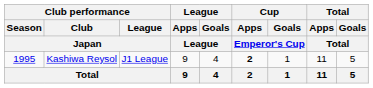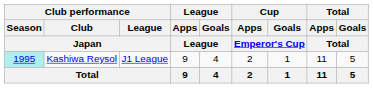 <table class="wikitable" style="text-align:center;">
 <tr>
 <th colspan=3>Club performance</th>
 <th colspan=2>League</th>
 <th colspan=2>Cup</th>
 <th colspan=2>Total</th>
 </tr>
 <tr>
 <th>Season</th>
 <th>Club</th>
 <th>League</th>
 <th>Apps</th>
 <th>Goals</th>
 <th>Apps</th>
 <th>Goals</th>
 <th>Apps</th>
 <th>Goals</th>
 </tr>
 <tr>
 <th colspan=3>Japan</th>
 <th colspan=2>League</th>
 <th colspan=2><a href='#'>Emperor's Cup</a></th>
 <th colspan=2>Total</th>
 </tr>
 <tr>
-<td><a href='#'>1995</a></td>
+<td style="background: paleturquoise;"><a href='#'>1995</a></td>
 <td><a href='#'>Kashiwa Reysol</a></td>
 <td><a href='#'>J1 League</a></td>
 <td>9</td>
 <td>4</td>
-<td><strong>2</strong></td>
+<td>2</td>
 <td>1</td>
 <td>11</td>
 <td>5</td>
 </tr>
 <tr>
 <th colspan=3>Total</th>
 <th>9</th>
 <th>4</th>
 <th>2</th>
 <th>1</th>
 <th>11</th>
 <th>5</th>
 </tr>
 </table>
